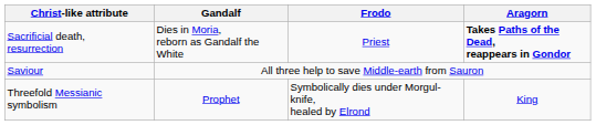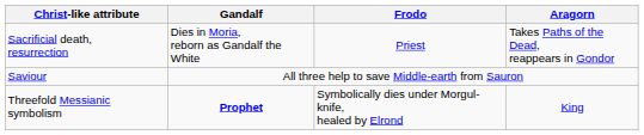 <table class="wikitable" style="margin: auto">
 <tr>
 <th><a href='#'>Christ</a>-like attribute</th>
 <th>Gandalf</th>
 <th><a href='#'>Frodo</a></th>
 <th><a href='#'>Aragorn</a></th>
 </tr>
 <tr>
 <td><a href='#'>Sacrificial</a> death,<br><a href='#'>resurrection</a></td>
 <td>Dies in <a href='#'>Moria</a>,<br>reborn as Gandalf the White</td>
 <td style="text-align: center;"><a href='#'>Priest</a></td>
-<td><strong>Takes <a href='#'>Paths of the Dead</a>,<br>reappears in <a href='#'>Gondor</a></strong></td>
+<td>Takes <a href='#'>Paths of the Dead</a>,<br>reappears in <a href='#'>Gondor</a></td>
 </tr>
 <tr>
 <td><a href='#'>Saviour</a></td>
 <td colspan="3"; style="text-align: center;">All three help to save <a href='#'>Middle-earth</a> from <a href='#'>Sauron</a></td>
 </tr>
 <tr>
 <td>Threefold <a href='#'>Messianic</a> symbolism</td>
-<td style="text-align: center;"><a href='#'>Prophet</a></td>
+<td style="text-align: center;"><strong><a href='#'>Prophet</a></strong></td>
 <td>Symbolically dies under Morgul-knife,<br>healed by <a href='#'>Elrond</a></td>
 <td style="text-align: center;"><a href='#'>King</a></td>
 </tr>
 </table>
